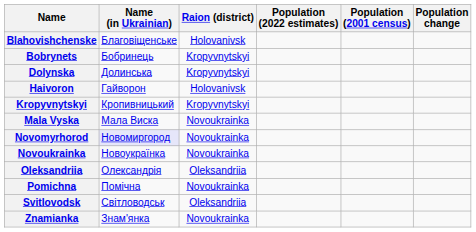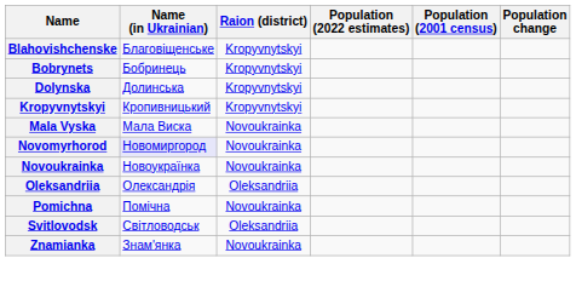 <table class="wikitable sortable" id="Table of cities" caption="Tabulated list of cities in ">
 <tr>
 <th scope="col">Name</th>
 <th scope="col">Name<br>(in <a href='#'>Ukrainian</a>)</th>
 <th scope="col"><a href='#'>Raion</a> (district)</th>
 <th scope="col">Population<br>(2022 estimates)</th>
 <th scope="col">Population<br>(<a href='#'>2001 census</a>)</th>
 <th scope="col">Population<br>change</th>
 </tr>
 <tr>
 <th scope="row" align="left"><a href='#'>Blahovishchenske</a></th>
 <td><a href='#'>Благовіщенське</a></td>
-<td align=center><a href='#'>Holovanivsk</a></td>
+<td align=center><a href='#'>Kropyvnytskyi</a></td>
 <td align=right></td>
 <td align=right></td>
 <td align=right></td>
 </tr>
 <tr>
 <th scope="row" align="left"><a href='#'>Bobrynets</a></th>
 <td><a href='#'>Бобринець</a></td>
 <td align=center><a href='#'>Kropyvnytskyi</a></td>
 <td align=right></td>
 <td align=right></td>
 <td align=right></td>
 </tr>
 <tr>
 <th scope="row" align="left"><a href='#'>Dolynska</a></th>
 <td><a href='#'>Долинська</a></td>
 <td align=center><a href='#'>Kropyvnytskyi</a></td>
-<td align=right></td>
-<td align=right></td>
-<td align=right></td>
-</tr>
-<tr>
-<th scope="row" align="left"><a href='#'>Haivoron</a></th>
-<td><a href='#'>Гайворон</a></td>
-<td align=center><a href='#'>Holovanivsk</a></td>
 <td align=right></td>
 <td align=right></td>
 <td align=right></td>
 </tr>
 <tr>
 <th scope="row" align="left"><a href='#'>Kropyvnytskyi</a></th>
 <td><a href='#'>Кропивницький</a></td>
 <td align=center><a href='#'>Kropyvnytskyi</a></td>
 <td align=right></td>
 <td align=right></td>
 <td align=right></td>
 </tr>
 <tr>
 <th scope="row" align="left"><a href='#'>Mala Vyska</a></th>
 <td><a href='#'>Мала Виска</a></td>
 <td align=center><a href='#'>Novoukrainka</a></td>
 <td align=right></td>
 <td align=right></td>
 <td align=right></td>
 </tr>
 <tr>
 <th scope="row" align="left"><a href='#'>Novomyrhorod</a></th>
 <td style="background: lavender;"><a href='#'>Новомиргород</a></td>
 <td align=center><a href='#'>Novoukrainka</a></td>
 <td align=right></td>
 <td align=right></td>
 <td align=right></td>
 </tr>
 <tr>
 <th scope="row" align="left"><a href='#'>Novoukrainka</a></th>
 <td><a href='#'>Новоукраїнка</a></td>
 <td align=center><a href='#'>Novoukrainka</a></td>
 <td align=right></td>
 <td align=right></td>
 <td align=right></td>
 </tr>
 <tr>
 <th scope="row" align="left"><a href='#'>Oleksandriia</a></th>
 <td><a href='#'>Олександрія</a></td>
 <td align=center><a href='#'>Oleksandriia</a></td>
 <td align=right></td>
 <td align=right></td>
 <td align=right></td>
 </tr>
 <tr>
 <th scope="row" align="left"><a href='#'>Pomichna</a></th>
 <td><a href='#'>Помічна</a></td>
 <td align=center><a href='#'>Novoukrainka</a></td>
 <td align=right></td>
 <td align=right></td>
 <td align=right></td>
 </tr>
 <tr>
 <th scope="row" align="left"><a href='#'>Svitlovodsk</a></th>
 <td><a href='#'>Світловодськ</a></td>
 <td align=center><a href='#'>Oleksandriia</a></td>
 <td align=right></td>
 <td align=right></td>
 <td align=right></td>
 </tr>
 <tr>
 <th scope="row" align="left"><a href='#'>Znamianka</a></th>
 <td><a href='#'>Знам'янка</a></td>
 <td align=center><a href='#'>Novoukrainka</a></td>
 <td align=right></td>
 <td align=right></td>
 <td align=right></td>
 </tr>
 </table>
